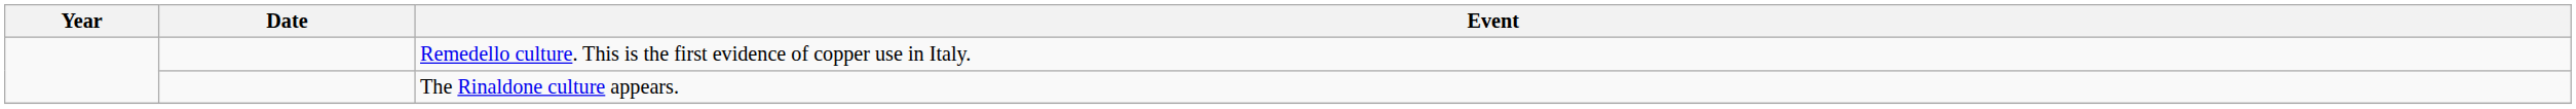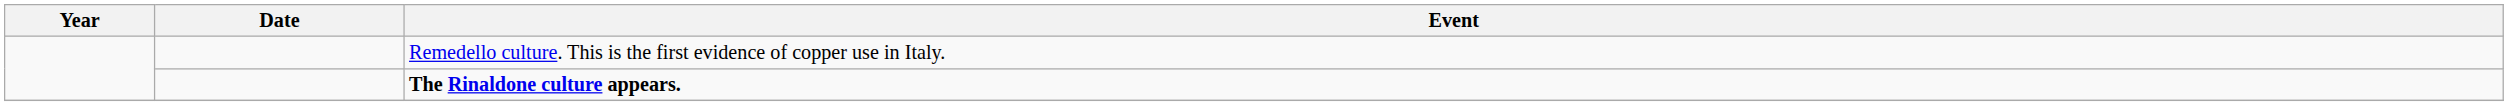 <table class="wikitable" width="100%">
 <tr>
 <th style="width:6%">Year</th>
 <th style="width:10%">Date</th>
 <th>Event</th>
 </tr>
 <tr>
 <td rowspan="2" valign="top"></td>
 <td></td>
 <td><a href='#'>Remedello culture</a>. This is the first evidence of copper use in Italy.</td>
 </tr>
 <tr>
 <td></td>
-<td>The <a href='#'>Rinaldone culture</a> appears.</td>
+<td><strong>The <a href='#'>Rinaldone culture</a> appears.</strong></td>
 </tr>
 <tr>
 </tr>
 </table>
